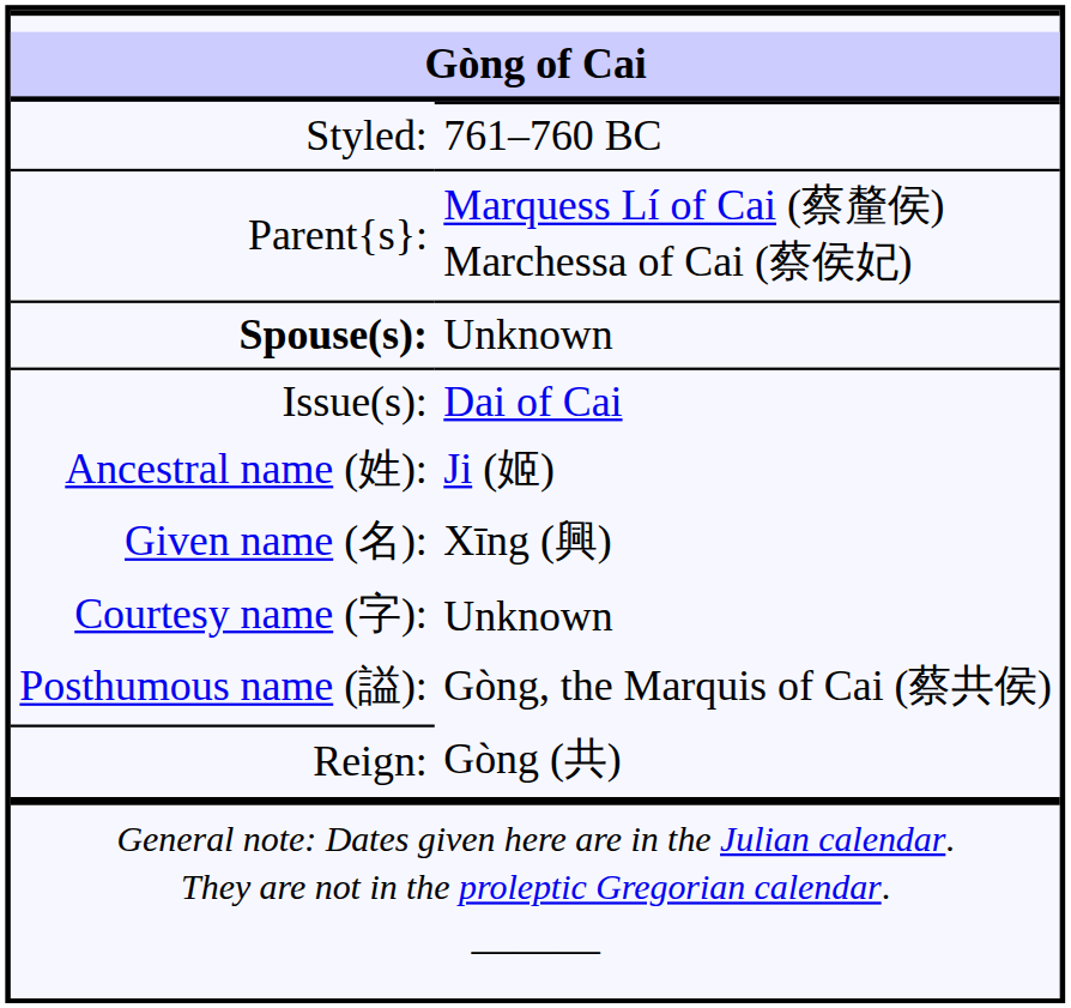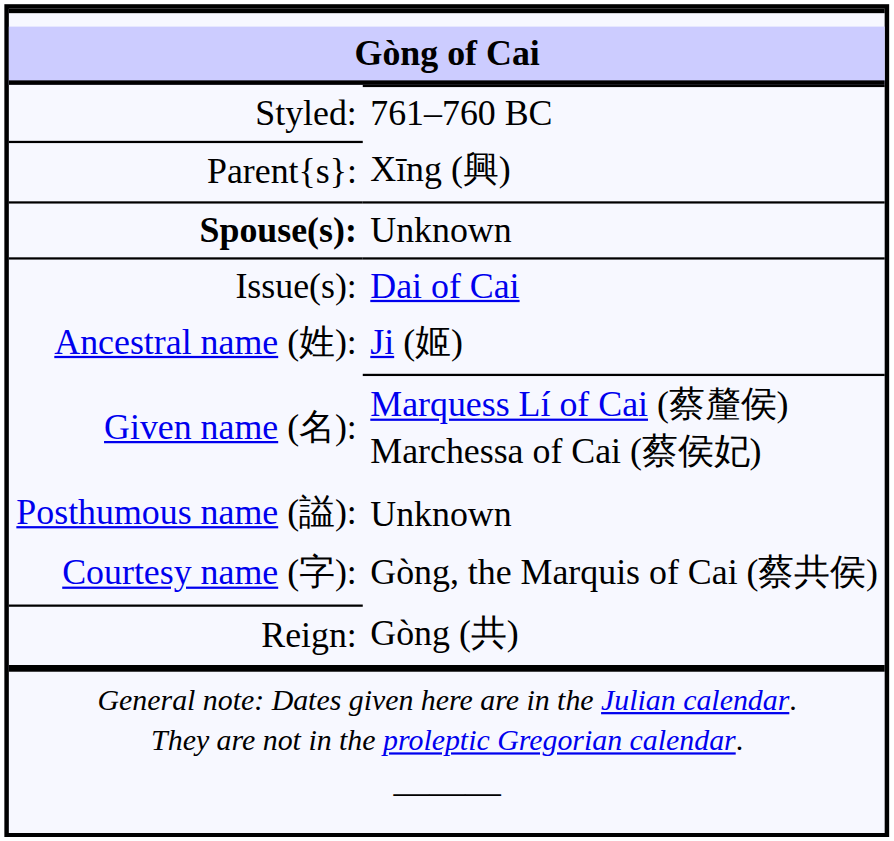 <table cellpadding=3px cellspacing=0px bgcolor=#f7f8ff style="float:right; border:2px solid; margin:5px">
 <tr>
 <td colspan=2 align=center style="border-top:2px solid"></td>
 </tr>
 <tr>
 <th align=center style="background:#ccf; border-bottom:2px solid" colspan=2>Gòng of Cai</th>
 </tr>
 <tr>
 <td align="right">Styled:</td>
 <td style="border-top:1px solid">761–760 BC</td>
 </tr>
 <tr>
 <td align=right style="border-top:1px solid">Parent{s}:</td>
-<td style="border-top:1px solid"><a href='#'>Marquess Lí of Cai</a> (蔡釐侯) <br> Marchessa of Cai (蔡侯妃)</td>
+<td>Xīng (興)</td>
 </tr>
 <tr>
 <td align=right style="border-top:1px solid"><strong>Spouse(s):</strong></td>
 <td style="border-top:1px solid">Unknown</td>
 </tr>
 <tr>
 <td align=right style="border-top:1px solid">Issue(s):</td>
 <td style="border-top:1px solid"><a href='#'>Dai of Cai</a></td>
 </tr>
 <tr>
 <td align="right"><a href='#'>Ancestral name</a> (姓):</td>
 <td><a href='#'>Ji</a> (姬)</td>
 </tr>
 <tr>
 <td align="right"><a href='#'>Given name</a> (名):</td>
-<td>Xīng (興)</td>
+<td style="border-top:1px solid"><a href='#'>Marquess Lí of Cai</a> (蔡釐侯) <br> Marchessa of Cai (蔡侯妃)</td>
+</tr>
+<tr>
+<td align="right" nowrap="nowrap"><a href='#'>Posthumous name</a> (謚):</td>
+<td>Unknown</td>
 </tr>
 <tr>
 <td align="right"><a href='#'>Courtesy name</a> (字):</td>
-<td>Unknown</td>
-</tr>
-<tr>
-<td align="right" nowrap="nowrap"><a href='#'>Posthumous name</a> (謚):</td>
 <td>Gòng, the Marquis of Cai (蔡共侯)</td>
 </tr>
 <tr>
 <td align=right style="border-top:1px solid">Reign:</td>
 <td>Gòng (共)</td>
 </tr>
 <tr>
 <td colspan=2 align=center style="border-top:3px solid"><small><em>General note: Dates given here are in the <a href='#'>Julian calendar</a></em>.<br><em>They are not in the <a href='#'>proleptic Gregorian calendar</a></em>.</small></td>
 </tr>
 <tr>
 <td colspan=2 align=center>———</td>
 </tr>
 <tr>
 <td></td>
 </tr>
 <tr>
 </tr>
 </table>
